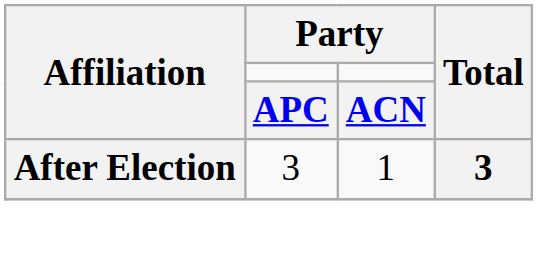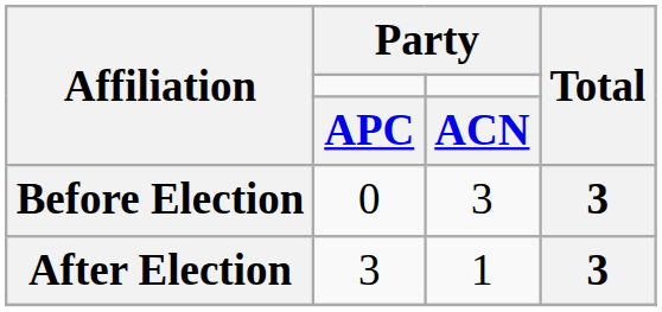 <table class="wikitable" style="text-align:center">
 <tr>
 <th rowspan="3">Affiliation</th>
 <th colspan="2">Party</th>
 <th rowspan="3">Total</th>
 </tr>
 <tr>
 <td style="background-color:"></td>
 <td style="background-color:"></td>
 </tr>
 <tr>
 <th><a href='#'>APC</a></th>
 <th><a href='#'>ACN</a></th>
 </tr>
 <tr>
+<th>Before Election</th>
+<td>0</td>
+<td>3</td>
+<th>3</th>
+</tr>
+<tr>
 <th>After Election</th>
 <td>3</td>
 <td>1</td>
 <th>3</th>
 </tr>
 <tr>
 </tr>
 </table>
